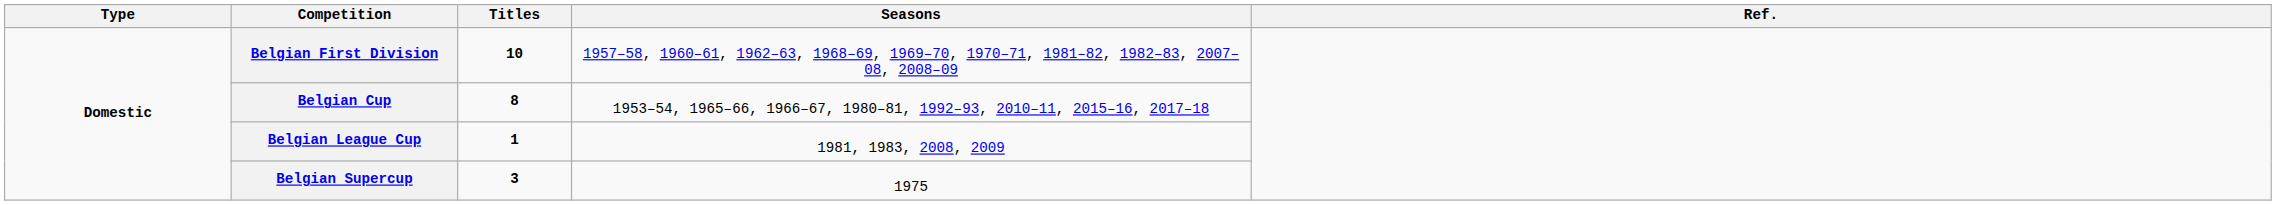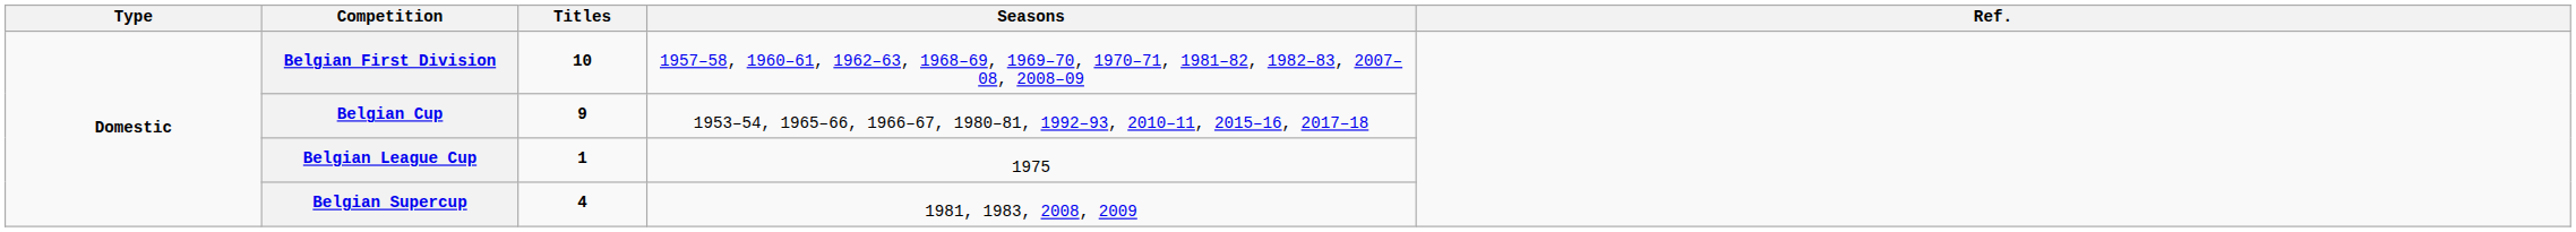 <table class="wikitable plainrowheaders" style="font-size:95%; text-align:center;">
 <tr>
 <th style="width: 10%;">Type</th>
 <th style="width: 10%;">Competition</th>
 <th style="width: 5%;">Titles</th>
 <th style="width: 30%;">Seasons</th>
 <th>Ref.</th>
 </tr>
 <tr>
 <td rowspan="4"><strong>Domestic</strong></td>
 <th scope=col><a href='#'>Belgian First Division</a></th>
 <td><strong>10</strong></td>
 <td><br><a href='#'>1957–58</a>,  <a href='#'>1960–61</a>,  <a href='#'>1962–63</a>,  <a href='#'>1968–69</a>,  <a href='#'>1969–70</a>,  <a href='#'>1970–71</a>,  <a href='#'>1981–82</a>,  <a href='#'>1982–83</a>,  <a href='#'>2007–08</a>,  <a href='#'>2008–09</a></td>
 <td rowspan="4"></td>
 </tr>
 <tr>
 <th scope=col><a href='#'>Belgian Cup</a></th>
-<td><strong>8</strong></td>
+<td><strong>9</strong></td>
 <td><br>1953–54,  1965–66,  1966–67,  1980–81,  <a href='#'>1992–93</a>, <a href='#'>2010–11</a>, <a href='#'>2015–16</a>, <a href='#'>2017–18</a></td>
 </tr>
 <tr>
 <th scope=col><a href='#'>Belgian League Cup</a></th>
 <td><strong>1</strong></td>
-<td><br>1981,  1983,  <a href='#'>2008</a>, <a href='#'>2009</a></td>
+<td><br>1975</td>
 </tr>
 <tr>
 <th scope=col><a href='#'>Belgian Supercup</a></th>
-<td><strong>3</strong></td>
-<td><br>1975</td>
+<td><strong>4</strong></td>
+<td><br>1981,  1983,  <a href='#'>2008</a>, <a href='#'>2009</a></td>
 </tr>
 </table>
